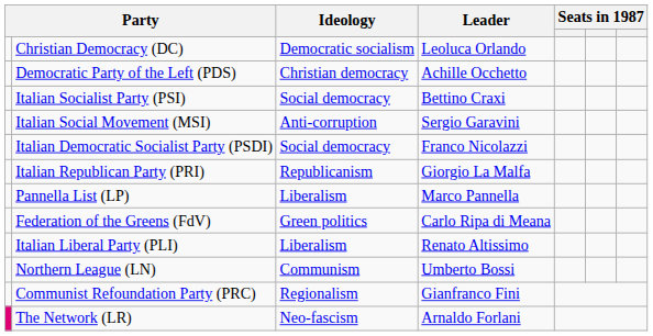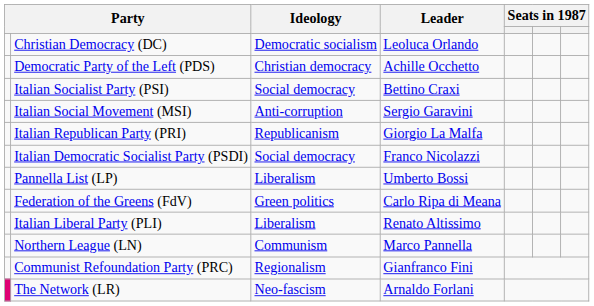 <table class=wikitable style="text-align:left">
 <tr>
 <th colspan=2  rowspan="2">Party</th>
 <th rowspan="2">Ideology</th>
 <th rowspan="2">Leader</th>
 <th colspan="3">Seats in 1987</th>
 </tr>
 <tr>
 <th></th>
 <th></th>
 <th></th>
 </tr>
 <tr>
 <td></td>
 <td><a href='#'>Christian Democracy</a> (DC)</td>
 <td><a href='#'>Democratic socialism</a></td>
 <td><a href='#'>Leoluca Orlando</a></td>
 <td></td>
 <td></td>
 <td></td>
 </tr>
 <tr>
 <td></td>
 <td><a href='#'>Democratic Party of the Left</a> (PDS)</td>
 <td><a href='#'>Christian democracy</a></td>
 <td><a href='#'>Achille Occhetto</a></td>
 <td></td>
 <td></td>
 <td></td>
 </tr>
 <tr>
 <td></td>
 <td><a href='#'>Italian Socialist Party</a> (PSI)</td>
 <td><a href='#'>Social democracy</a></td>
 <td><a href='#'>Bettino Craxi</a></td>
 <td></td>
 <td></td>
 <td></td>
 </tr>
 <tr>
 <td></td>
 <td><a href='#'>Italian Social Movement</a> (MSI)</td>
 <td><a href='#'>Anti-corruption</a></td>
 <td><a href='#'>Sergio Garavini</a></td>
 <td></td>
 <td></td>
 <td></td>
 </tr>
 <tr>
 <td></td>
+<td><a href='#'>Italian Republican Party</a> (PRI)</td>
+<td><a href='#'>Republicanism</a></td>
+<td><a href='#'>Giorgio La Malfa</a></td>
+<td></td>
+<td></td>
+<td></td>
+</tr>
+<tr>
+<td></td>
 <td><a href='#'>Italian Democratic Socialist Party</a> (PSDI)</td>
 <td><a href='#'>Social democracy</a></td>
 <td><a href='#'>Franco Nicolazzi</a></td>
 <td></td>
 <td></td>
 <td></td>
 </tr>
 <tr>
 <td></td>
-<td><a href='#'>Italian Republican Party</a> (PRI)</td>
-<td><a href='#'>Republicanism</a></td>
-<td><a href='#'>Giorgio La Malfa</a></td>
-<td></td>
-<td></td>
-<td></td>
-</tr>
-<tr>
-<td></td>
 <td><a href='#'>Pannella List</a> (LP)</td>
 <td><a href='#'>Liberalism</a></td>
-<td><a href='#'>Marco Pannella</a></td>
+<td><a href='#'>Umberto Bossi</a></td>
 <td></td>
 <td></td>
 <td></td>
 </tr>
 <tr>
 <td></td>
 <td><a href='#'>Federation of the Greens</a> (FdV)</td>
 <td><a href='#'>Green politics</a></td>
 <td><a href='#'>Carlo Ripa di Meana</a></td>
 <td></td>
 <td></td>
 <td></td>
 </tr>
 <tr>
 <td></td>
 <td><a href='#'>Italian Liberal Party</a> (PLI)</td>
 <td><a href='#'>Liberalism</a></td>
 <td><a href='#'>Renato Altissimo</a></td>
 <td></td>
 <td></td>
 <td></td>
 </tr>
 <tr>
 <td></td>
 <td><a href='#'>Northern League</a> (LN)</td>
 <td><a href='#'>Communism</a></td>
-<td><a href='#'>Umberto Bossi</a></td>
+<td><a href='#'>Marco Pannella</a></td>
 <td></td>
 <td></td>
 <td></td>
 </tr>
 <tr>
 <td></td>
 <td><a href='#'>Communist Refoundation Party</a> (PRC)</td>
 <td><a href='#'>Regionalism</a></td>
 <td><a href='#'>Gianfranco Fini</a></td>
 <td colspan=3></td>
 </tr>
 <tr>
 <td bgcolor="#DF0174"></td>
 <td><a href='#'>The Network</a> (LR)</td>
 <td><a href='#'>Neo-fascism</a></td>
 <td><a href='#'>Arnaldo Forlani</a></td>
 <td colspan=3></td>
 </tr>
 </table>
